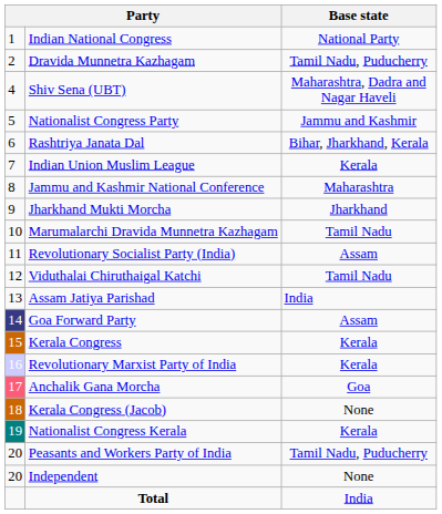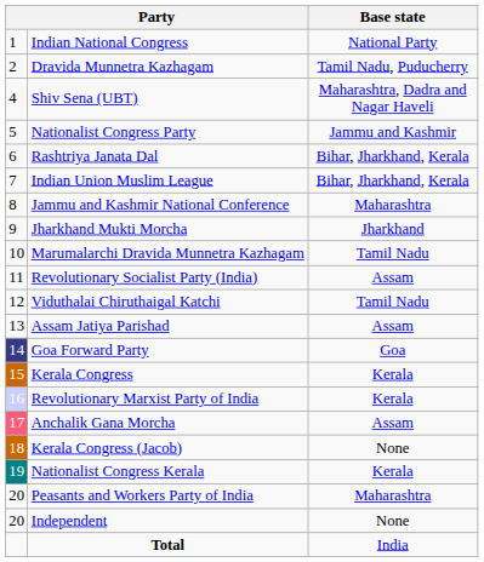 <table class="wikitable sortable">
 <tr>
 <th colspan="2" style="width:30px;">Party</th>
 <th style="width:170px;">Base state</th>
 </tr>
 <tr>
 <td style="background-color:">1</td>
 <td><a href='#'>Indian National Congress</a></td>
 <td style="text-align: center;"><a href='#'>National Party</a></td>
 </tr>
 <tr>
 <td style="background-color:">2</td>
 <td><a href='#'>Dravida Munnetra Kazhagam</a></td>
 <td style="text-align: center;"><a href='#'>Tamil Nadu</a>, <a href='#'>Puducherry</a></td>
 </tr>
 <tr>
 <td style="background-color:">4</td>
 <td><a href='#'>Shiv Sena (UBT)</a></td>
 <td style="text-align: center;"><a href='#'>Maharashtra</a>, <a href='#'>Dadra and Nagar Haveli</a></td>
 </tr>
 <tr>
 <td style="background-color:">5</td>
 <td><a href='#'>Nationalist Congress Party</a></td>
 <td style="text-align: center;"><a href='#'>Jammu and Kashmir</a></td>
 </tr>
 <tr>
 <td style="background-color:">6</td>
 <td><a href='#'>Rashtriya Janata Dal</a></td>
 <td style="text-align: center;"><a href='#'>Bihar</a>, <a href='#'>Jharkhand</a>, <a href='#'>Kerala</a></td>
 </tr>
 <tr>
 <td style="background-color:">7</td>
 <td><a href='#'>Indian Union Muslim League</a></td>
-<td style="text-align: center;"><a href='#'>Kerala</a></td>
+<td style="text-align: center;"><a href='#'>Bihar</a>, <a href='#'>Jharkhand</a>, <a href='#'>Kerala</a></td>
 </tr>
 <tr>
 <td style="background:">8</td>
 <td><a href='#'>Jammu and Kashmir National Conference</a></td>
 <td style="text-align: center;"><a href='#'>Maharashtra</a></td>
 </tr>
 <tr>
 <td style="background:">9</td>
 <td><a href='#'>Jharkhand Mukti Morcha</a></td>
 <td style="text-align: center;"><a href='#'>Jharkhand</a></td>
 </tr>
 <tr>
 <td style="background-color:">10</td>
 <td><a href='#'>Marumalarchi Dravida Munnetra Kazhagam</a></td>
 <td style="text-align: center;"><a href='#'>Tamil Nadu</a></td>
 </tr>
 <tr>
 <td style="background-color:">11</td>
 <td><a href='#'>Revolutionary Socialist Party (India)</a></td>
 <td style="text-align: center;"><a href='#'>Assam</a></td>
 </tr>
 <tr>
 <td style="background-color:">12</td>
 <td><a href='#'>Viduthalai Chiruthaigal Katchi</a></td>
 <td style="text-align: center;"><a href='#'>Tamil Nadu</a></td>
 </tr>
 <tr>
 <td style="background-color:">13</td>
 <td><a href='#'>Assam Jatiya Parishad</a></td>
-<td><a href='#'>India</a></td>
+<td style="text-align: center;"><a href='#'>Assam</a></td>
 </tr>
 <tr>
 <td style="background:#353982; text-align:center; color:white;">14</td>
 <td><a href='#'>Goa Forward Party</a></td>
-<td style="text-align: center;"><a href='#'>Assam</a></td>
+<td style="text-align: center;"><a href='#'>Goa</a></td>
 </tr>
 <tr>
 <td style="background:#c60; text-align:center; color:white;">15</td>
 <td><a href='#'>Kerala Congress</a></td>
 <td style="text-align: center;"><a href='#'>Kerala</a></td>
 </tr>
 <tr>
 <td style="background:#ccf; text-align:center; color:white;">16</td>
 <td><a href='#'>Revolutionary Marxist Party of India</a></td>
 <td style="text-align: center;"><a href='#'>Kerala</a></td>
 </tr>
 <tr>
 <td style="background:#FD5B78; text-align:center; color:white;">17</td>
 <td><a href='#'>Anchalik Gana Morcha</a></td>
-<td style="text-align: center;"><a href='#'>Goa</a></td>
+<td style="text-align: center;"><a href='#'>Assam</a></td>
 </tr>
 <tr>
 <td style="background:#CC6600; text-align:center; color:white;">18</td>
 <td><a href='#'>Kerala Congress (Jacob)</a></td>
 <td style="text-align: center;">None</td>
 </tr>
 <tr>
 <td style="background:teal; text-align:center; color:white;">19</td>
 <td><a href='#'>Nationalist Congress Kerala</a></td>
 <td style="text-align: center;"><a href='#'>Kerala</a></td>
 </tr>
 <tr>
 <td>20</td>
 <td><a href='#'>Peasants and Workers Party of India</a></td>
-<td style="text-align: center;"><a href='#'>Tamil Nadu</a>, <a href='#'>Puducherry</a></td>
+<td style="text-align: center;"><a href='#'>Maharashtra</a></td>
 </tr>
 <tr>
 <td style="background-color:">20</td>
 <td><a href='#'>Independent</a></td>
 <td style="text-align: center;">None</td>
 </tr>
 <tr style="text-align: center;">
 <td style="background-color:"></td>
 <td style="text-align: center;"><strong>Total</strong></td>
 <td><a href='#'>India</a></td>
 </tr>
 </table>
